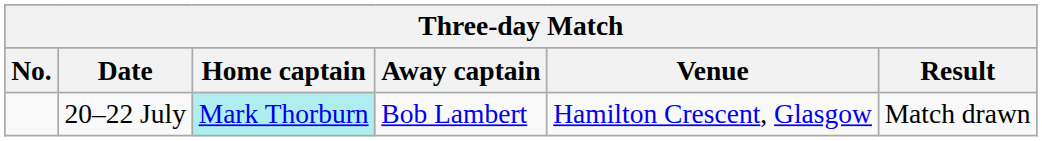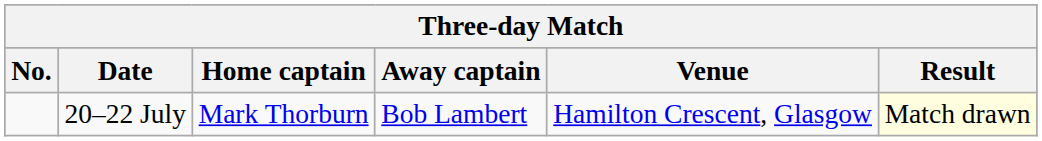 <table class="wikitable">
 <tr>
 <th colspan="9">Three-day Match</th>
 </tr>
 <tr>
 <th>No.</th>
 <th>Date</th>
 <th>Home captain</th>
 <th>Away captain</th>
 <th>Venue</th>
 <th>Result</th>
 </tr>
 <tr>
 <td></td>
 <td>20–22 July</td>
-<td style="background: paleturquoise;"><a href='#'>Mark Thorburn</a></td>
+<td><a href='#'>Mark Thorburn</a></td>
 <td><a href='#'>Bob Lambert</a></td>
 <td><a href='#'>Hamilton Crescent</a>, <a href='#'>Glasgow</a></td>
-<td>Match drawn</td>
+<td style="background: lightyellow;">Match drawn</td>
 </tr>
 </table>
